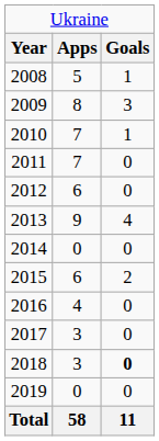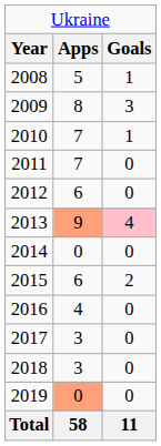 <table class="wikitable" style="text-align:center">
 <tr>
 <td colspan=3><a href='#'>Ukraine</a></td>
 </tr>
 <tr>
 <th>Year</th>
 <th>Apps</th>
 <th>Goals</th>
 </tr>
 <tr>
 <td>2008</td>
 <td>5</td>
 <td>1</td>
 </tr>
 <tr>
 <td>2009</td>
 <td>8</td>
 <td>3</td>
 </tr>
 <tr>
 <td>2010</td>
 <td>7</td>
 <td>1</td>
 </tr>
 <tr>
 <td>2011</td>
 <td>7</td>
 <td>0</td>
 </tr>
 <tr>
 <td>2012</td>
 <td>6</td>
 <td>0</td>
 </tr>
 <tr>
 <td>2013</td>
-<td>9</td>
-<td>4</td>
+<td style="background: lightsalmon;">9</td>
+<td style="background: pink;">4</td>
 </tr>
 <tr>
 <td>2014</td>
 <td>0</td>
 <td>0</td>
 </tr>
 <tr>
 <td>2015</td>
 <td>6</td>
 <td>2</td>
 </tr>
 <tr>
 <td>2016</td>
 <td>4</td>
 <td>0</td>
 </tr>
 <tr>
 <td>2017</td>
 <td>3</td>
 <td>0</td>
 </tr>
 <tr>
 <td>2018</td>
 <td>3</td>
-<td><strong>0</strong></td>
+<td>0</td>
 </tr>
 <tr>
 <td>2019</td>
-<td>0</td>
+<td style="background: lightsalmon;">0</td>
 <td>0</td>
 </tr>
 <tr>
 <th>Total</th>
 <th>58</th>
 <th>11</th>
 </tr>
 </table>
